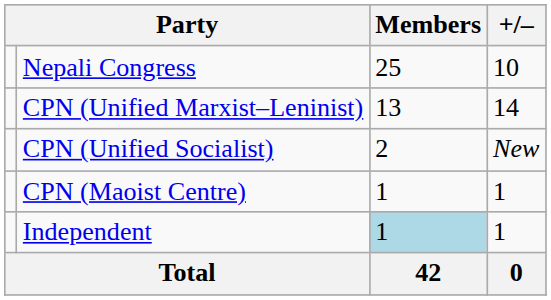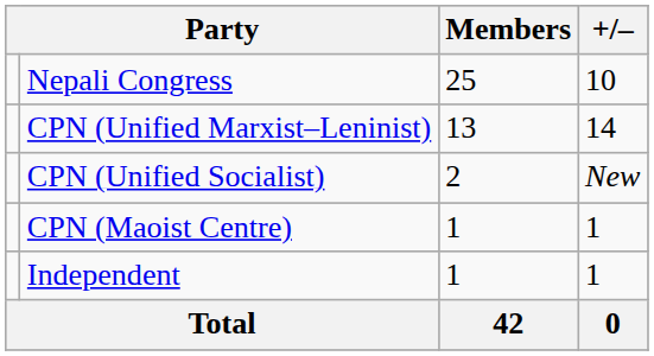 <table class="wikitable">
 <tr>
 <th colspan="2">Party</th>
 <th>Members</th>
 <th>+/–</th>
 </tr>
 <tr>
 <td><br></td>
 <td><a href='#'>Nepali Congress</a></td>
 <td>25</td>
 <td> 10</td>
 </tr>
 <tr>
 <td><br></td>
 <td><a href='#'>CPN (Unified Marxist–Leninist)</a></td>
 <td>13</td>
 <td> 14</td>
 </tr>
 <tr>
 <td><br></td>
 <td><a href='#'>CPN (Unified Socialist)</a></td>
 <td>2</td>
 <td><em>New</em></td>
 </tr>
 <tr>
 <td><br></td>
 <td><a href='#'>CPN (Maoist Centre)</a></td>
 <td>1</td>
 <td> 1</td>
 </tr>
 <tr>
 <td><br></td>
 <td><a href='#'>Independent</a></td>
-<td style="background: lightblue;">1</td>
+<td>1</td>
 <td> 1</td>
 </tr>
 <tr>
 <th colspan="2">Total</th>
 <th>42</th>
 <th>0</th>
 </tr>
 </table>
